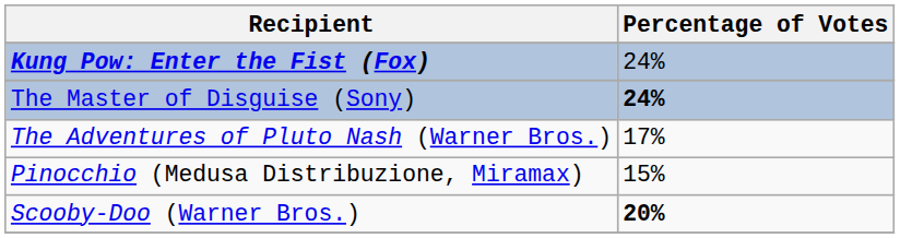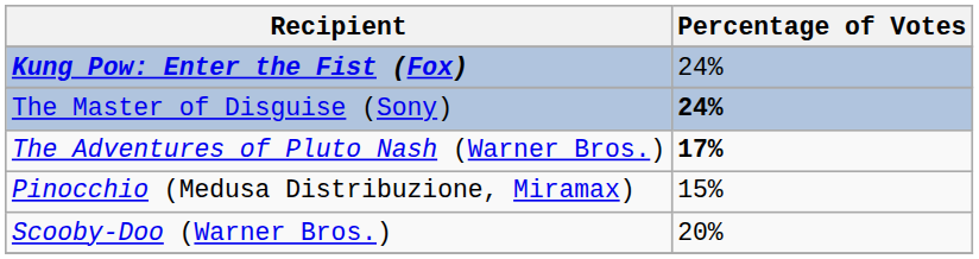 <table class="wikitable sortable plainrowheaders" align="centre">
 <tr>
 <th>Recipient</th>
 <th>Percentage of Votes</th>
 </tr>
 <tr>
 </tr>
 <tr style="background:#B0C4DE;">
 <td><strong><em><a href='#'>Kung Pow: Enter the Fist</a><em> (<a href='#'>Fox</a>)<strong></td>
 <td></strong>24%<strong></td>
 </tr>
 <tr>
 </tr>
 <tr style="background:#B0C4DE;">
 <td></em></strong><a href='#'>The Master of Disguise</a></em> (<a href='#'>Sony</a>)</strong></td>
 <td><strong>24%</strong></td>
 </tr>
 <tr>
 <td><em><a href='#'>The Adventures of Pluto Nash</a></em> (<a href='#'>Warner Bros.</a>)</td>
-<td>17%</td>
+<td><strong>17%</strong></td>
 </tr>
 <tr>
 <td><em><a href='#'>Pinocchio</a></em> (Medusa Distribuzione, <a href='#'>Miramax</a>)</td>
 <td>15%</td>
 </tr>
 <tr>
 <td><em><a href='#'>Scooby-Doo</a></em> (<a href='#'>Warner Bros.</a>)</td>
-<td><strong>20%</strong></td>
+<td>20%</td>
 </tr>
 <tr>
 </tr>
 </table>
